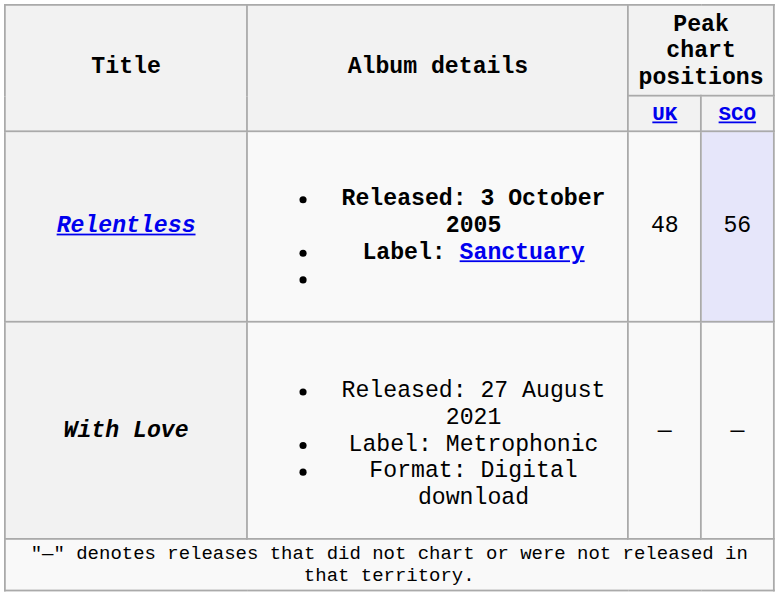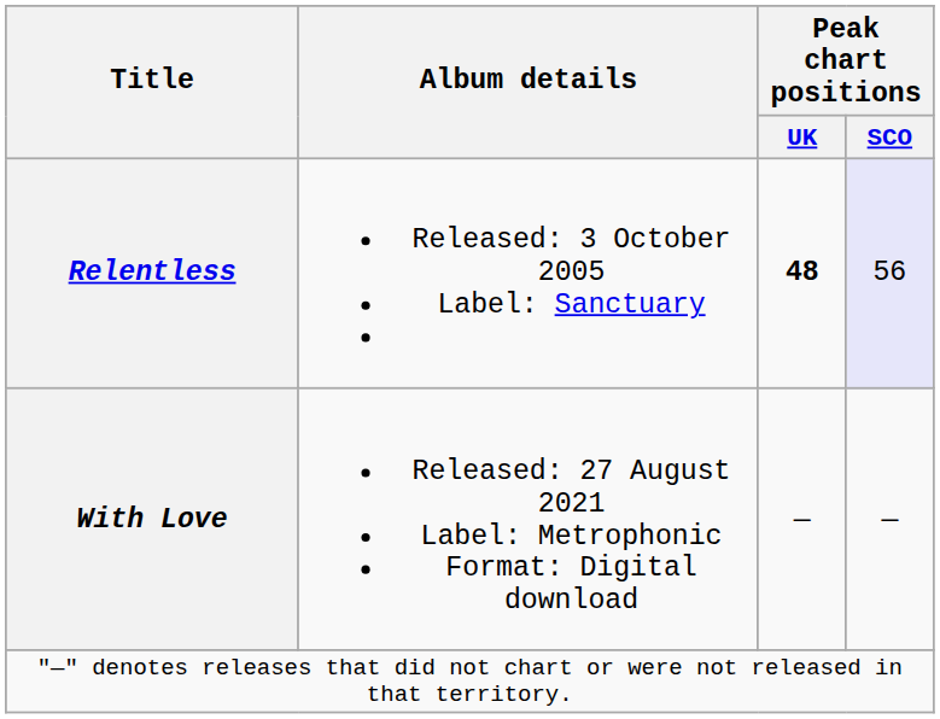 <table class="wikitable plainrowheaders" style="text-align:center;">
 <tr>
 <th scope="col" rowspan="2" style="width:10em;">Title</th>
 <th scope="col" rowspan="2" style="width:16em;">Album details</th>
 <th scope="col" colspan="2">Peak chart positions</th>
 </tr>
 <tr>
 <th scope="col" style="width:3em;font-size:90%;"><a href='#'>UK</a><br></th>
 <th scope="col" style="width:3em;font-size:90%;"><a href='#'>SCO</a><br></th>
 </tr>
 <tr>
 <th scope="row"><em><a href='#'>Relentless</a></em></th>
-<td><strong><br><ul><li>Released: 3 October 2005</li><li>Label: <a href='#'>Sanctuary</a></li><li></li></ul></strong></td>
-<td>48</td>
+<td><br><ul><li>Released: 3 October 2005</li><li>Label: <a href='#'>Sanctuary</a></li><li></li></ul></td>
+<td><strong>48</strong></td>
 <td style="background: lavender;">56</td>
 </tr>
 <tr>
 <th scope="row"><em>With Love</em></th>
 <td><br><ul><li>Released: 27 August 2021</li><li>Label: Metrophonic</li><li>Format: Digital download</li></ul></td>
 <td>—</td>
 <td>—</td>
 </tr>
 <tr>
 <td colspan="15" style="text-align:center; font-size:8pt;">"—" denotes releases that did not chart or were not released in that territory.</td>
 </tr>
 </table>
